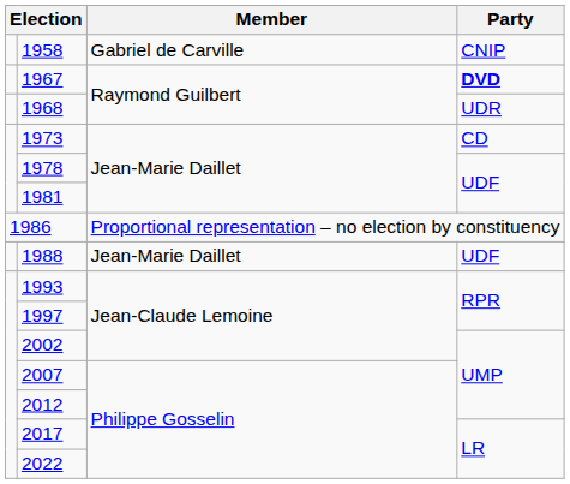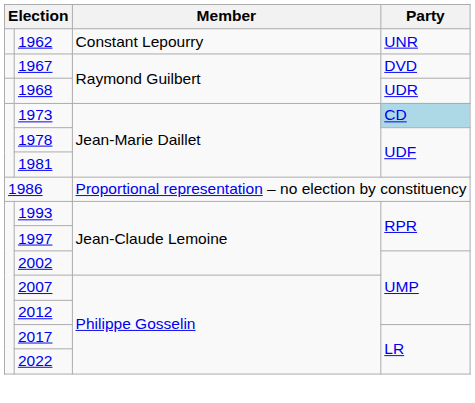 <table class="wikitable">
 <tr>
 <th colspan="2">Election</th>
 <th>Member</th>
 <th>Party</th>
 </tr>
 <tr>
 <td style="color:inherit;background-color: "></td>
-<td><a href='#'>1958</a></td>
-<td>Gabriel de Carville</td>
-<td><a href='#'>CNIP</a></td>
+<td><a href='#'>1962</a></td>
+<td>Constant Lepourry</td>
+<td><a href='#'>UNR</a></td>
 </tr>
 <tr>
 <td style="color:inherit;background-color: "></td>
 <td><a href='#'>1967</a></td>
 <td rowspan="2">Raymond Guilbert</td>
-<td><strong><a href='#'>DVD</a></strong></td>
+<td><a href='#'>DVD</a></td>
 </tr>
 <tr>
 <td style="color:inherit;background-color: "></td>
 <td><a href='#'>1968</a></td>
 <td><a href='#'>UDR</a></td>
 </tr>
 <tr>
 <td rowspan="3" style="color:inherit;background-color: "></td>
 <td><a href='#'>1973</a></td>
 <td rowspan="3">Jean-Marie Daillet</td>
-<td><a href='#'>CD</a></td>
+<td style="background: lightblue;"><a href='#'>CD</a></td>
 </tr>
 <tr>
 <td><a href='#'>1978</a></td>
 <td rowspan="2"><a href='#'>UDF</a></td>
 </tr>
 <tr>
 <td><a href='#'>1981</a></td>
 </tr>
 <tr>
 <td colspan="2"><a href='#'>1986</a></td>
 <td colspan="2"><a href='#'>Proportional representation</a> – no election by constituency</td>
-</tr>
-<tr>
-<td style="color:inherit;background-color: "></td>
-<td><a href='#'>1988</a></td>
-<td>Jean-Marie Daillet</td>
-<td><a href='#'>UDF</a></td>
 </tr>
 <tr>
 <td rowspan=7 style="background-color: "></td>
 <td><a href='#'>1993</a></td>
 <td rowspan=3>Jean-Claude Lemoine</td>
 <td rowspan=2><a href='#'>RPR</a></td>
 </tr>
 <tr>
 <td><a href='#'>1997</a></td>
 </tr>
 <tr>
 <td><a href='#'>2002</a></td>
 <td rowspan="3"><a href='#'>UMP</a></td>
 </tr>
 <tr>
 <td><a href='#'>2007</a></td>
 <td rowspan="4"><a href='#'>Philippe Gosselin</a></td>
 </tr>
 <tr>
 <td><a href='#'>2012</a></td>
 </tr>
 <tr>
 <td><a href='#'>2017</a></td>
 <td rowspan="2"><a href='#'>LR</a></td>
 </tr>
 <tr>
 <td><a href='#'>2022</a></td>
 </tr>
 </table>
